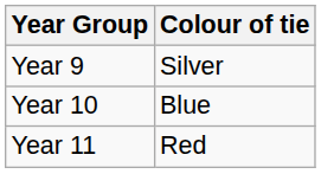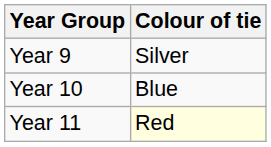 <table class="wikitable">
 <tr>
 <th>Year Group</th>
 <th>Colour of tie</th>
 </tr>
 <tr>
 <td>Year 9</td>
 <td>Silver</td>
 </tr>
 <tr>
 <td>Year 10</td>
 <td>Blue</td>
 </tr>
 <tr>
 <td>Year 11</td>
-<td>Red</td>
+<td style="background: lightyellow;">Red</td>
 </tr>
 </table>
